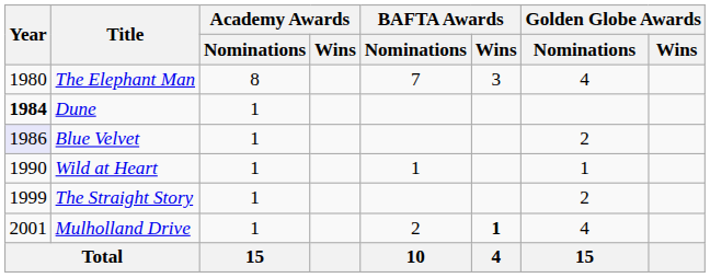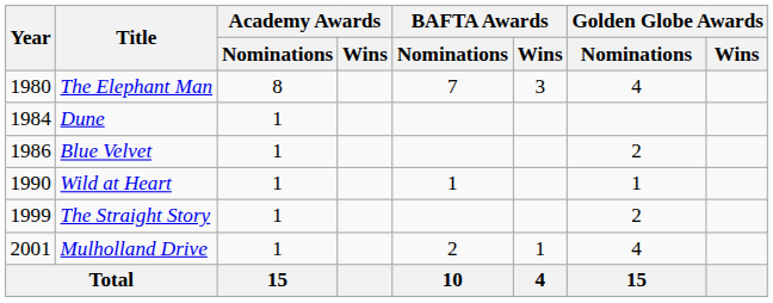 <table class="wikitable">
 <tr>
 <th rowspan="2">Year</th>
 <th rowspan="2">Title</th>
 <th colspan="2"><strong>Academy Awards</strong></th>
 <th colspan="2"><strong>BAFTA Awards</strong></th>
 <th colspan="2"><strong>Golden Globe Awards</strong></th>
 </tr>
 <tr>
 <th>Nominations</th>
 <th>Wins</th>
 <th>Nominations</th>
 <th>Wins</th>
 <th>Nominations</th>
 <th>Wins</th>
 </tr>
 <tr>
 <td>1980</td>
 <td><a href='#'><em>The Elephant Man</em></a></td>
 <td align=center>8</td>
 <td></td>
 <td align=center>7</td>
 <td align=center>3</td>
 <td align=center>4</td>
 <td></td>
 </tr>
 <tr>
-<td><strong>1984</strong></td>
+<td>1984</td>
 <td><a href='#'><em>Dune</em></a></td>
 <td align=center>1</td>
 <td></td>
 <td></td>
 <td></td>
 <td></td>
 <td></td>
 </tr>
 <tr>
-<td style="background: lavender;">1986</td>
+<td>1986</td>
 <td><a href='#'><em>Blue Velvet</em></a></td>
 <td align=center>1</td>
 <td></td>
 <td></td>
 <td></td>
 <td align=center>2</td>
 <td></td>
 </tr>
 <tr>
 <td>1990</td>
 <td><a href='#'><em>Wild at Heart</em></a></td>
 <td align=center>1</td>
 <td></td>
 <td align=center>1</td>
 <td></td>
 <td align=center>1</td>
 <td></td>
 </tr>
 <tr>
 <td>1999</td>
 <td><em><a href='#'>The Straight Story</a></em></td>
 <td align=center>1</td>
 <td></td>
 <td></td>
 <td></td>
 <td align=center>2</td>
 <td></td>
 </tr>
 <tr>
 <td>2001</td>
 <td><a href='#'><em>Mulholland Drive</em></a></td>
 <td align=center>1</td>
 <td></td>
 <td align=center>2</td>
-<td align=center><strong>1</strong></td>
+<td align=center>1</td>
 <td align=center>4</td>
 <td></td>
 </tr>
 <tr>
 <th colspan="2">Total</th>
 <th>15</th>
 <th></th>
 <th>10</th>
 <th>4</th>
 <th>15</th>
 <th></th>
 </tr>
 <tr>
 </tr>
 </table>
